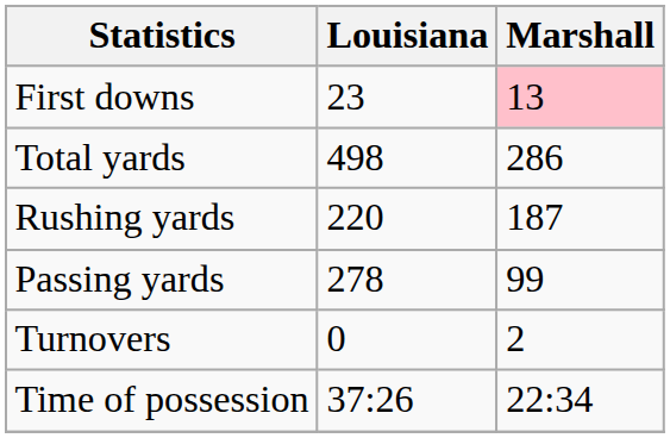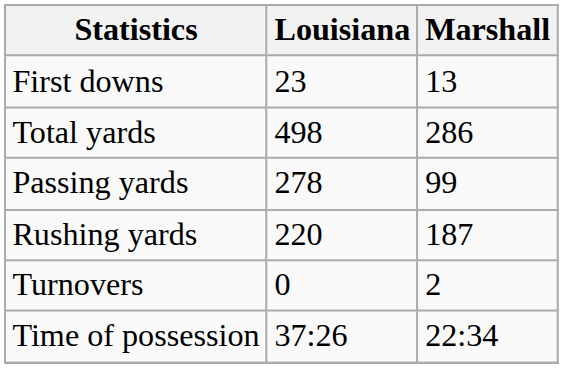 <table class="wikitable">
 <tr>
 <th>Statistics</th>
 <th>Louisiana</th>
 <th>Marshall</th>
 </tr>
 <tr>
 <td>First downs</td>
 <td>23</td>
-<td style="background: pink;">13</td>
+<td>13</td>
 </tr>
 <tr>
 <td>Total yards</td>
 <td>498</td>
 <td>286</td>
 </tr>
 <tr>
+<td>Passing yards</td>
+<td>278</td>
+<td>99</td>
+</tr>
+<tr>
 <td>Rushing yards</td>
 <td>220</td>
 <td>187</td>
-</tr>
-<tr>
-<td>Passing yards</td>
-<td>278</td>
-<td>99</td>
 </tr>
 <tr>
 <td>Turnovers</td>
 <td>0</td>
 <td>2</td>
 </tr>
 <tr>
 <td>Time of possession</td>
 <td>37:26</td>
 <td>22:34</td>
 </tr>
 <tr>
 </tr>
 </table>
